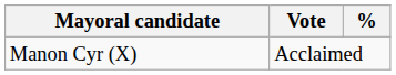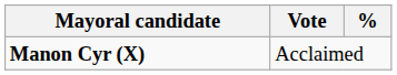 <table class="wikitable">
 <tr>
 <th bgcolor="#DDDDFF" width="200px">Mayoral candidate</th>
 <th bgcolor="#DDDDFF" width="50px">Vote</th>
 <th bgcolor="#DDDDFF" width="30px">%</th>
 </tr>
 <tr>
-<td>Manon Cyr (X)</td>
+<td><strong>Manon Cyr (X)</strong></td>
 <td colspan="2">Acclaimed</td>
 </tr>
 </table>
